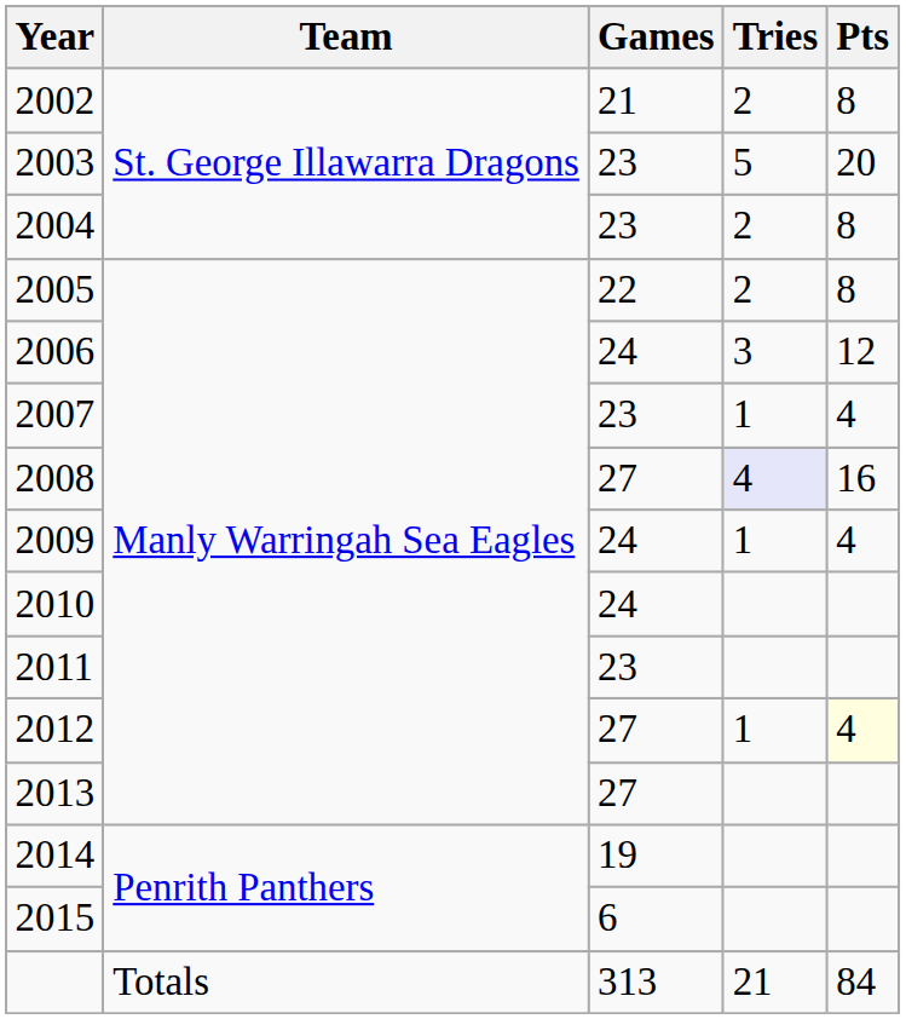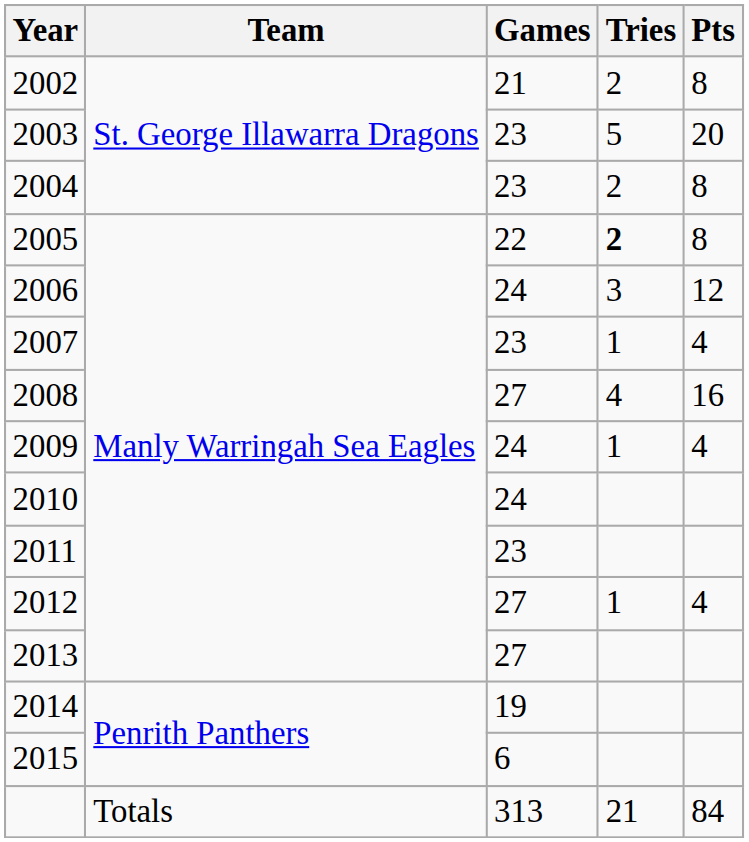 <table class="wikitable">
 <tr>
 <th>Year</th>
 <th>Team</th>
 <th>Games</th>
 <th>Tries</th>
 <th>Pts</th>
 </tr>
 <tr>
 <td>2002</td>
 <td rowspan="3"> <a href='#'>St. George Illawarra Dragons</a></td>
 <td>21</td>
 <td>2</td>
 <td>8</td>
 </tr>
 <tr>
 <td>2003</td>
 <td>23</td>
 <td>5</td>
 <td>20</td>
 </tr>
 <tr>
 <td>2004</td>
 <td>23</td>
 <td>2</td>
 <td>8</td>
 </tr>
 <tr>
 <td>2005</td>
 <td rowspan="9"> <a href='#'>Manly Warringah Sea Eagles</a></td>
 <td>22</td>
-<td>2</td>
+<td><strong>2</strong></td>
 <td>8</td>
 </tr>
 <tr>
 <td>2006</td>
 <td>24</td>
 <td>3</td>
 <td>12</td>
 </tr>
 <tr>
 <td>2007</td>
 <td>23</td>
 <td>1</td>
 <td>4</td>
 </tr>
 <tr>
 <td>2008</td>
 <td>27</td>
-<td style="background: lavender;">4</td>
+<td>4</td>
 <td>16</td>
 </tr>
 <tr>
 <td>2009</td>
 <td>24</td>
 <td>1</td>
 <td>4</td>
 </tr>
 <tr>
 <td>2010</td>
 <td>24</td>
 <td></td>
 <td></td>
 </tr>
 <tr>
 <td>2011</td>
 <td>23</td>
 <td></td>
 <td></td>
 </tr>
 <tr>
 <td>2012</td>
 <td>27</td>
 <td>1</td>
-<td style="background: lightyellow;">4</td>
+<td>4</td>
 </tr>
 <tr>
 <td>2013</td>
 <td>27</td>
 <td></td>
 <td></td>
 </tr>
 <tr>
 <td>2014</td>
 <td rowspan="2"> <a href='#'>Penrith Panthers</a></td>
 <td>19</td>
 <td></td>
 <td></td>
 </tr>
 <tr>
 <td>2015</td>
 <td>6</td>
 <td></td>
 <td></td>
 </tr>
 <tr>
 <td></td>
 <td>Totals</td>
 <td>313</td>
 <td>21</td>
 <td>84</td>
 </tr>
 </table>
